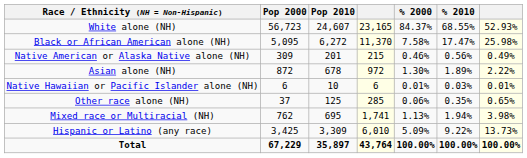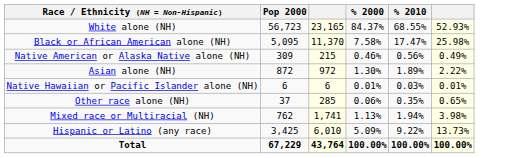 <table class="wikitable" style="text-align:center;">
 <tr>
 <th>Race / Ethnicity <small>(<em>NH = Non-Hispanic</em>)</small></th>
 <th>Pop 2000</th>
-<th>Pop 2010</th>
 <th></th>
 <th>% 2000</th>
 <th>% 2010</th>
 <th></th>
 </tr>
 <tr>
 <td><a href='#'>White</a> alone (NH)</td>
 <td>56,723</td>
-<td>24,607</td>
 <td style='background: #ffffe6;'>23,165</td>
 <td>84.37%</td>
 <td>68.55%</td>
 <td style='background: #ffffe6;'>52.93%</td>
 </tr>
 <tr>
 <td><a href='#'>Black or African American</a> alone (NH)</td>
 <td>5,095</td>
-<td>6,272</td>
 <td style='background: #ffffe6;'>11,370</td>
 <td>7.58%</td>
 <td>17.47%</td>
 <td style='background: #ffffe6;'>25.98%</td>
 </tr>
 <tr>
 <td><a href='#'>Native American</a> or <a href='#'>Alaska Native</a> alone (NH)</td>
 <td>309</td>
-<td>201</td>
 <td style='background: #ffffe6;'>215</td>
 <td>0.46%</td>
 <td>0.56%</td>
 <td style='background: #ffffe6;'>0.49%</td>
 </tr>
 <tr>
 <td><a href='#'>Asian</a> alone (NH)</td>
 <td>872</td>
-<td>678</td>
 <td style='background: #ffffe6;'>972</td>
 <td>1.30%</td>
 <td>1.89%</td>
 <td style='background: #ffffe6;'>2.22%</td>
 </tr>
 <tr>
 <td><a href='#'>Native Hawaiian</a> or <a href='#'>Pacific Islander</a> alone (NH)</td>
 <td>6</td>
-<td>10</td>
 <td style='background: #ffffe6;'>6</td>
 <td>0.01%</td>
 <td>0.03%</td>
 <td style='background: #ffffe6;'>0.01%</td>
 </tr>
 <tr>
 <td><a href='#'>Other race</a> alone (NH)</td>
 <td>37</td>
-<td>125</td>
 <td style='background: #ffffe6;'>285</td>
 <td>0.06%</td>
 <td>0.35%</td>
 <td style='background: #ffffe6;'>0.65%</td>
 </tr>
 <tr>
 <td><a href='#'>Mixed race or Multiracial</a> (NH)</td>
 <td>762</td>
-<td>695</td>
 <td style='background: #ffffe6;'>1,741</td>
 <td>1.13%</td>
 <td>1.94%</td>
 <td style='background: #ffffe6;'>3.98%</td>
 </tr>
 <tr>
 <td><a href='#'>Hispanic or Latino</a> (any race)</td>
 <td>3,425</td>
-<td>3,309</td>
 <td style='background: #ffffe6;'>6,010</td>
 <td>5.09%</td>
 <td>9.22%</td>
 <td style='background: #ffffe6;'>13.73%</td>
 </tr>
 <tr>
 <td><strong>Total</strong></td>
 <td><strong>67,229</strong></td>
-<td><strong>35,897</strong></td>
 <td style='background: #ffffe6;'><strong>43,764</strong></td>
 <td><strong>100.00%</strong></td>
 <td><strong>100.00%</strong></td>
 <td style='background: #ffffe6;'><strong>100.00%</strong></td>
 </tr>
 </table>
